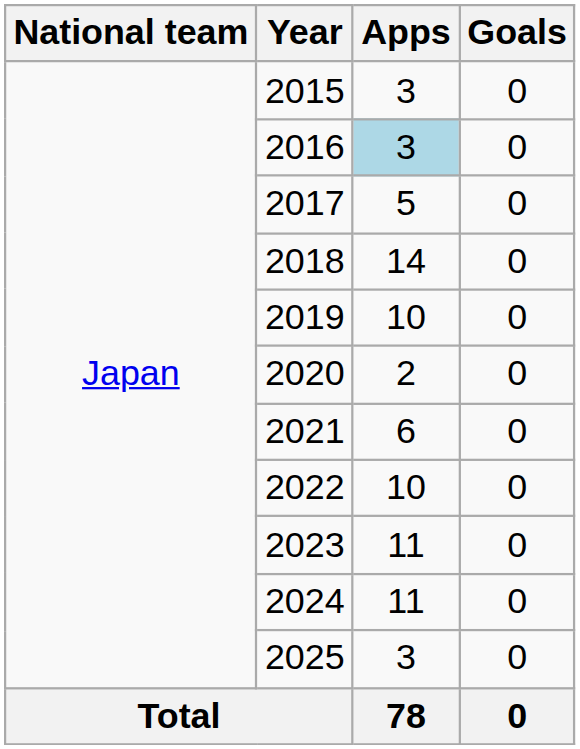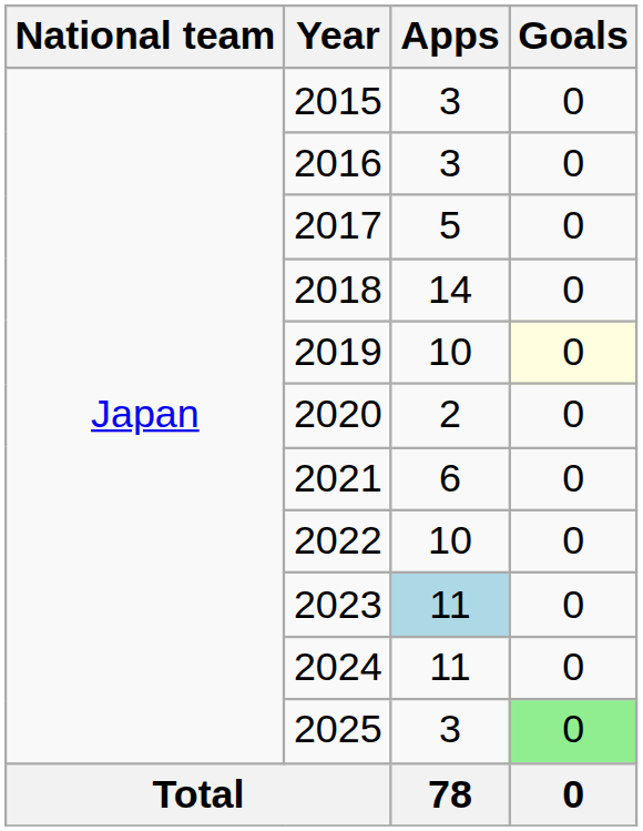 <table class="wikitable" style="text-align:center">
 <tr>
 <th>National team</th>
 <th>Year</th>
 <th>Apps</th>
 <th>Goals</th>
 </tr>
 <tr>
 <td rowspan="11"><a href='#'>Japan</a></td>
 <td>2015</td>
 <td>3</td>
 <td>0</td>
 </tr>
 <tr>
 <td>2016</td>
-<td style="background: lightblue;">3</td>
+<td>3</td>
 <td>0</td>
 </tr>
 <tr>
 <td>2017</td>
 <td>5</td>
 <td>0</td>
 </tr>
 <tr>
 <td>2018</td>
 <td>14</td>
 <td>0</td>
 </tr>
 <tr>
 <td>2019</td>
 <td>10</td>
-<td>0</td>
+<td style="background: lightyellow;">0</td>
 </tr>
 <tr>
 <td>2020</td>
 <td>2</td>
 <td>0</td>
 </tr>
 <tr>
 <td>2021</td>
 <td>6</td>
 <td>0</td>
 </tr>
 <tr>
 <td>2022</td>
 <td>10</td>
 <td>0</td>
 </tr>
 <tr>
 <td>2023</td>
-<td>11</td>
+<td style="background: lightblue;">11</td>
 <td>0</td>
 </tr>
 <tr>
 <td>2024</td>
 <td>11</td>
 <td>0</td>
 </tr>
 <tr>
 <td>2025</td>
 <td>3</td>
-<td>0</td>
+<td style="background: lightgreen;">0</td>
 </tr>
 <tr>
 <th colspan="2">Total</th>
 <th>78</th>
 <th>0</th>
 </tr>
 </table>
